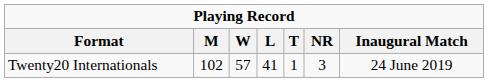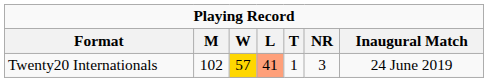 <table class="wikitable" style="text-align: center; width: 500px;">
 <tr>
 <td colspan=7 align="center"><strong>Playing Record</strong></td>
 </tr>
 <tr>
 <th>Format</th>
 <th>M</th>
 <th>W</th>
 <th>L</th>
 <th>T</th>
 <th>NR</th>
 <th>Inaugural Match</th>
 </tr>
 <tr>
 <td align="left">Twenty20 Internationals</td>
 <td>102</td>
-<td>57</td>
-<td>41</td>
+<td style="background: gold;">57</td>
+<td style="background: lightsalmon;">41</td>
 <td>1</td>
 <td>3</td>
 <td>24 June 2019</td>
 </tr>
 </table>
